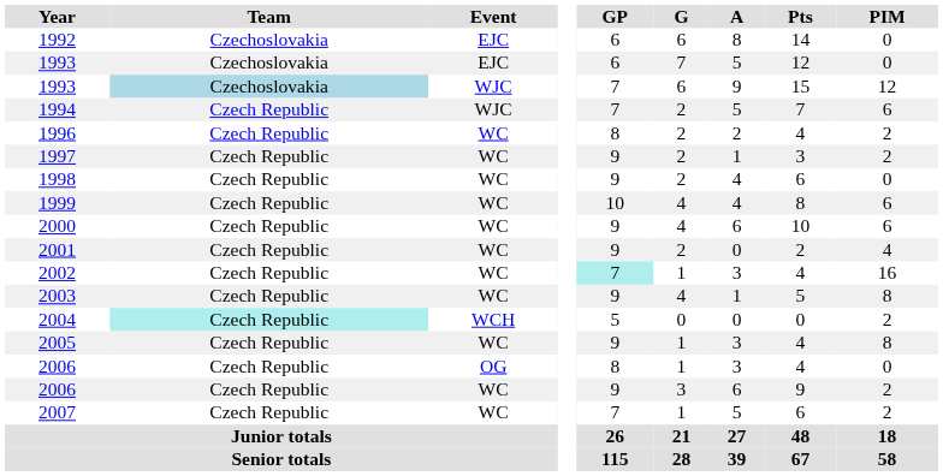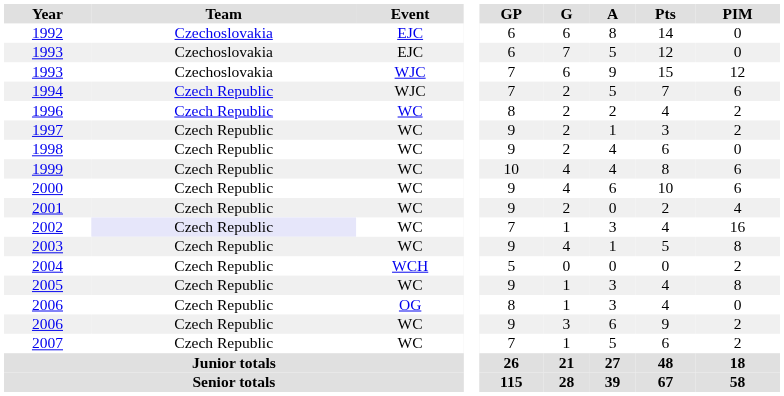 <table border="0" cellpadding="1" cellspacing="0" style="text-align:center; width:50em">
 <tr ALIGN="center" bgcolor="#e0e0e0">
 <th>Year</th>
 <th>Team</th>
 <th>Event</th>
 <th rowspan="99" bgcolor="#ffffff"> </th>
 <th>GP</th>
 <th>G</th>
 <th>A</th>
 <th>Pts</th>
 <th>PIM</th>
 </tr>
 <tr>
 <td><a href='#'>1992</a></td>
 <td><a href='#'>Czechoslovakia</a></td>
 <td><a href='#'>EJC</a></td>
 <td>6</td>
 <td>6</td>
 <td>8</td>
 <td>14</td>
 <td>0</td>
 </tr>
 <tr bgcolor="#f0f0f0">
 <td><a href='#'>1993</a></td>
 <td>Czechoslovakia</td>
 <td>EJC</td>
 <td>6</td>
 <td>7</td>
 <td>5</td>
 <td>12</td>
 <td>0</td>
 </tr>
 <tr>
 <td><a href='#'>1993</a></td>
-<td style="background: lightblue;">Czechoslovakia</td>
+<td>Czechoslovakia</td>
 <td><a href='#'>WJC</a></td>
 <td>7</td>
 <td>6</td>
 <td>9</td>
 <td>15</td>
 <td>12</td>
 </tr>
 <tr bgcolor="#f0f0f0">
 <td><a href='#'>1994</a></td>
 <td><a href='#'>Czech Republic</a></td>
 <td>WJC</td>
 <td>7</td>
 <td>2</td>
 <td>5</td>
 <td>7</td>
 <td>6</td>
 </tr>
 <tr>
 <td><a href='#'>1996</a></td>
 <td><a href='#'>Czech Republic</a></td>
 <td><a href='#'>WC</a></td>
 <td>8</td>
 <td>2</td>
 <td>2</td>
 <td>4</td>
 <td>2</td>
 </tr>
 <tr bgcolor="#f0f0f0">
 <td><a href='#'>1997</a></td>
 <td>Czech Republic</td>
 <td>WC</td>
 <td>9</td>
 <td>2</td>
 <td>1</td>
 <td>3</td>
 <td>2</td>
 </tr>
 <tr>
 <td><a href='#'>1998</a></td>
 <td>Czech Republic</td>
 <td>WC</td>
 <td>9</td>
 <td>2</td>
 <td>4</td>
 <td>6</td>
 <td>0</td>
 </tr>
 <tr bgcolor="#f0f0f0">
 <td><a href='#'>1999</a></td>
 <td>Czech Republic</td>
 <td>WC</td>
 <td>10</td>
 <td>4</td>
 <td>4</td>
 <td>8</td>
 <td>6</td>
 </tr>
 <tr>
 <td><a href='#'>2000</a></td>
 <td>Czech Republic</td>
 <td>WC</td>
 <td>9</td>
 <td>4</td>
 <td>6</td>
 <td>10</td>
 <td>6</td>
 </tr>
 <tr bgcolor="#f0f0f0">
 <td><a href='#'>2001</a></td>
 <td>Czech Republic</td>
 <td>WC</td>
 <td>9</td>
 <td>2</td>
 <td>0</td>
 <td>2</td>
 <td>4</td>
 </tr>
 <tr>
 <td><a href='#'>2002</a></td>
-<td>Czech Republic</td>
+<td style="background: lavender;">Czech Republic</td>
 <td>WC</td>
-<td style="background: paleturquoise;">7</td>
+<td>7</td>
 <td>1</td>
 <td>3</td>
 <td>4</td>
 <td>16</td>
 </tr>
 <tr bgcolor="#f0f0f0">
 <td><a href='#'>2003</a></td>
 <td>Czech Republic</td>
 <td>WC</td>
 <td>9</td>
 <td>4</td>
 <td>1</td>
 <td>5</td>
 <td>8</td>
 </tr>
 <tr>
 <td><a href='#'>2004</a></td>
-<td style="background: paleturquoise;">Czech Republic</td>
+<td>Czech Republic</td>
 <td><a href='#'>WCH</a></td>
 <td>5</td>
 <td>0</td>
 <td>0</td>
 <td>0</td>
 <td>2</td>
 </tr>
 <tr bgcolor="#f0f0f0">
 <td><a href='#'>2005</a></td>
 <td>Czech Republic</td>
 <td>WC</td>
 <td>9</td>
 <td>1</td>
 <td>3</td>
 <td>4</td>
 <td>8</td>
 </tr>
 <tr>
 <td><a href='#'>2006</a></td>
 <td>Czech Republic</td>
 <td><a href='#'>OG</a></td>
 <td>8</td>
 <td>1</td>
 <td>3</td>
 <td>4</td>
 <td>0</td>
 </tr>
 <tr bgcolor="#f0f0f0">
 <td><a href='#'>2006</a></td>
 <td>Czech Republic</td>
 <td>WC</td>
 <td>9</td>
 <td>3</td>
 <td>6</td>
 <td>9</td>
 <td>2</td>
 </tr>
 <tr>
 <td><a href='#'>2007</a></td>
 <td>Czech Republic</td>
 <td>WC</td>
 <td>7</td>
 <td>1</td>
 <td>5</td>
 <td>6</td>
 <td>2</td>
 </tr>
 <tr bgcolor="#e0e0e0">
 <th colspan="3">Junior totals</th>
 <th>26</th>
 <th>21</th>
 <th>27</th>
 <th>48</th>
 <th>18</th>
 </tr>
 <tr bgcolor="#e0e0e0">
 <th colspan="3">Senior totals</th>
 <th>115</th>
 <th>28</th>
 <th>39</th>
 <th>67</th>
 <th>58</th>
 </tr>
 </table>
